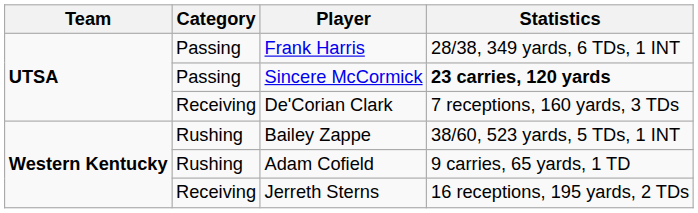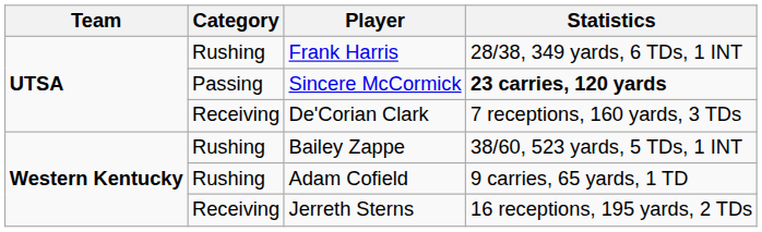 <table class="wikitable" style="float: left;">
 <tr>
 <th>Team</th>
 <th>Category</th>
 <th>Player</th>
 <th>Statistics</th>
 </tr>
 <tr>
 <td rowspan=3><strong>UTSA</strong></td>
-<td>Passing</td>
+<td>Rushing</td>
 <td><a href='#'>Frank Harris</a></td>
 <td>28/38, 349 yards, 6 TDs, 1 INT</td>
 </tr>
 <tr>
 <td>Passing</td>
 <td><a href='#'>Sincere McCormick</a></td>
 <td><strong>23 carries, 120 yards</strong></td>
 </tr>
 <tr>
 <td>Receiving</td>
 <td>De'Corian Clark</td>
 <td>7 receptions, 160 yards, 3 TDs</td>
 </tr>
 <tr>
 <td rowspan=3><strong>Western Kentucky</strong></td>
 <td>Rushing</td>
 <td>Bailey Zappe</td>
 <td>38/60, 523 yards, 5 TDs, 1 INT</td>
 </tr>
 <tr>
 <td>Rushing</td>
 <td>Adam Cofield</td>
 <td>9 carries, 65 yards, 1 TD</td>
 </tr>
 <tr>
 <td>Receiving</td>
 <td>Jerreth Sterns</td>
 <td>16 receptions, 195 yards, 2 TDs</td>
 </tr>
 </table>
